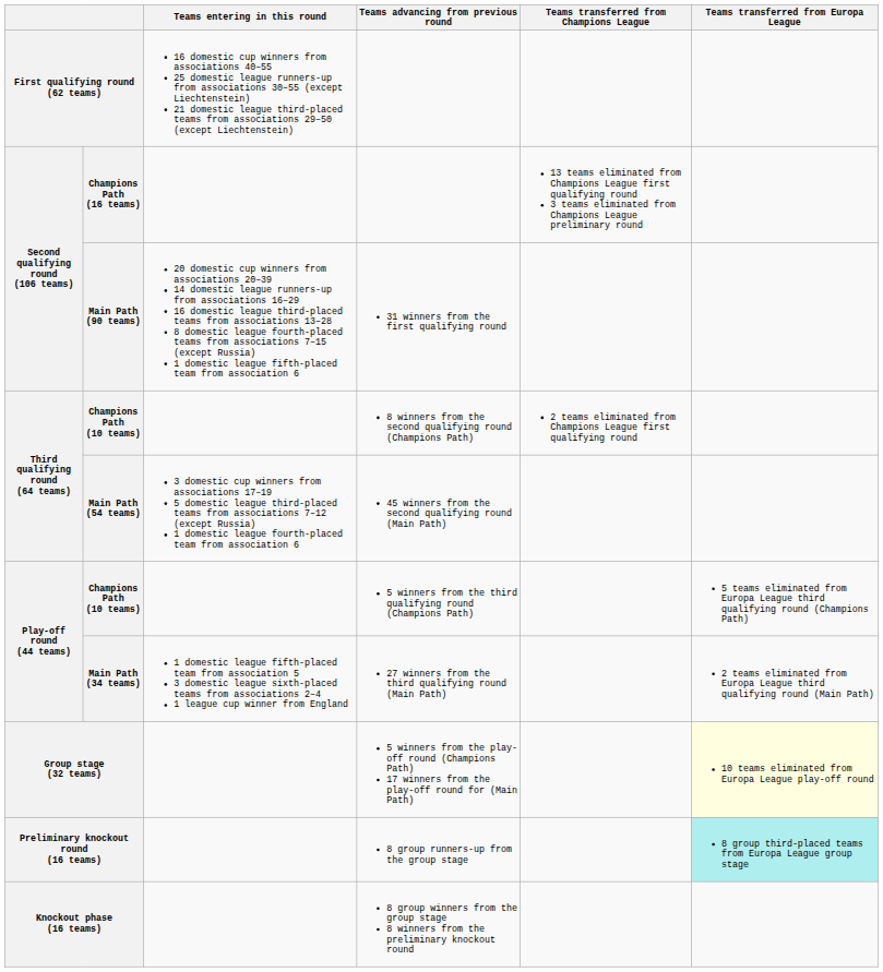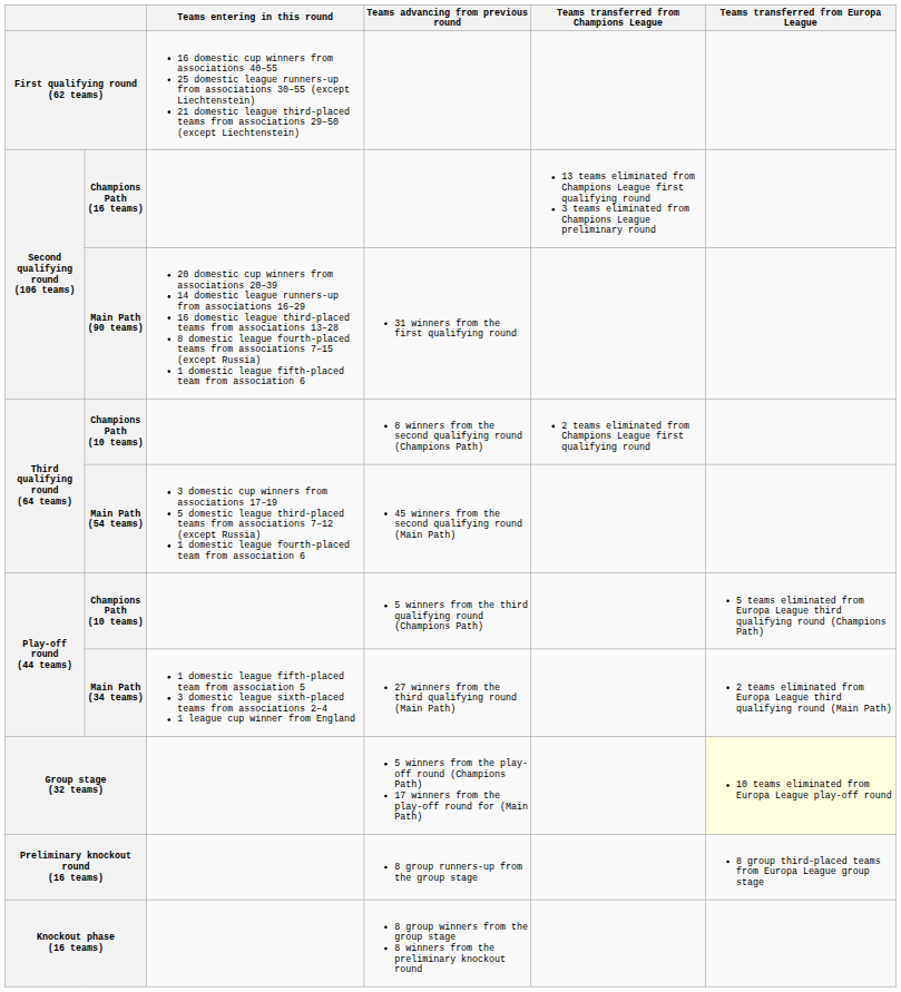 <table class="wikitable">
 <tr>
 <th colspan=2></th>
 <th>Teams entering in this round</th>
 <th>Teams advancing from previous round</th>
 <th>Teams transferred from Champions League</th>
 <th>Teams transferred from Europa League</th>
 </tr>
 <tr>
 <th colspan=2>First qualifying round<br>(62 teams)</th>
 <td><br><ul><li>16 domestic cup winners from associations 40–55</li><li>25 domestic league runners-up from associations 30–55 (except Liechtenstein)</li><li>21 domestic league third-placed teams from associations 29–50 (except Liechtenstein)</li></ul></td>
 <td></td>
 <td></td>
 <td></td>
 </tr>
 <tr>
 <th rowspan=2>Second qualifying round<br>(106 teams)</th>
 <th>Champions Path<br>(16 teams)</th>
 <td></td>
 <td></td>
 <td><br><ul><li>13 teams eliminated from Champions League first qualifying round</li><li>3 teams eliminated from Champions League preliminary round</li></ul></td>
 <td></td>
 </tr>
 <tr>
 <th>Main Path<br>(90 teams)</th>
 <td><br><ul><li>20 domestic cup winners from associations 20–39</li><li>14 domestic league runners-up from associations 16–29</li><li>16 domestic league third-placed teams from associations 13–28</li><li>8 domestic league fourth-placed teams from associations 7–15 (except Russia)</li><li>1 domestic league fifth-placed team from association 6</li></ul></td>
 <td><br><ul><li>31 winners from the first qualifying round</li></ul></td>
 <td></td>
 <td></td>
 </tr>
 <tr>
 <th rowspan=2>Third qualifying round<br>(64 teams)</th>
 <th>Champions Path<br>(10 teams)</th>
 <td></td>
 <td><br><ul><li>8 winners from the second qualifying round (Champions Path)</li></ul></td>
 <td><br><ul><li>2 teams eliminated from Champions League first qualifying round</li></ul></td>
 <td></td>
 </tr>
 <tr>
 <th>Main Path<br>(54 teams)</th>
 <td><br><ul><li>3 domestic cup winners from associations 17–19</li><li>5 domestic league third-placed teams from associations 7–12 (except Russia)</li><li>1 domestic league fourth-placed team from association 6</li></ul></td>
 <td><br><ul><li>45 winners from the second qualifying round (Main Path)</li></ul></td>
 <td></td>
 <td></td>
 </tr>
 <tr>
 <th rowspan=2>Play-off round<br>(44 teams)</th>
 <th>Champions Path<br>(10 teams)</th>
 <td></td>
 <td><br><ul><li>5 winners from the third qualifying round (Champions Path)</li></ul></td>
 <td></td>
 <td><br><ul><li>5 teams eliminated from Europa League third qualifying round (Champions Path)</li></ul></td>
 </tr>
 <tr>
 <th>Main Path<br>(34 teams)</th>
 <td><br><ul><li>1 domestic league fifth-placed team from association 5</li><li>3 domestic league sixth-placed teams from associations 2–4</li><li>1 league cup winner from England</li></ul></td>
 <td><br><ul><li>27 winners from the third qualifying round (Main Path)</li></ul></td>
 <td></td>
 <td><br><ul><li>2 teams eliminated from Europa League third qualifying round (Main Path)</li></ul></td>
 </tr>
 <tr>
 <th colspan=2>Group stage<br>(32 teams)</th>
 <td></td>
 <td><br><ul><li>5 winners from the play-off round (Champions Path)</li><li>17 winners from the play-off round for (Main Path)</li></ul></td>
 <td></td>
 <td style="background: lightyellow;"><br><ul><li>10 teams eliminated from Europa League play-off round</li></ul></td>
 </tr>
 <tr>
 <th colspan=2>Preliminary knockout round<br>(16 teams)</th>
 <td></td>
 <td><br><ul><li>8 group runners-up from the group stage</li></ul></td>
 <td></td>
-<td style="background: paleturquoise;"><br><ul><li>8 group third-placed teams from Europa League group stage</li></ul></td>
+<td><br><ul><li>8 group third-placed teams from Europa League group stage</li></ul></td>
 </tr>
 <tr>
 <th colspan=2>Knockout phase<br>(16 teams)</th>
 <td></td>
 <td><br><ul><li>8 group winners from the group stage</li><li>8 winners from the preliminary knockout round</li></ul></td>
 <td></td>
 <td></td>
 </tr>
 </table>
